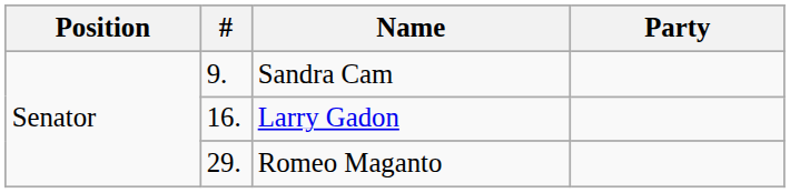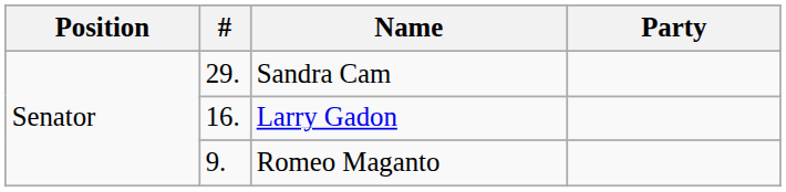 <table class=wikitable style="font-size:90%">
 <tr>
 <th width=95px>Position</th>
 <th width=20px>#</th>
 <th width=160px>Name</th>
 <th colspan=2 width=105px>Party</th>
 </tr>
 <tr>
 <td rowspan=3>Senator</td>
-<td>9.</td>
+<td>29.</td>
 <td>Sandra Cam</td>
 <td></td>
 </tr>
 <tr>
 <td>16.</td>
 <td><a href='#'>Larry Gadon</a></td>
 <td></td>
 </tr>
 <tr>
-<td>29.</td>
+<td>9.</td>
 <td>Romeo Maganto</td>
 <td></td>
 </tr>
 </table>
